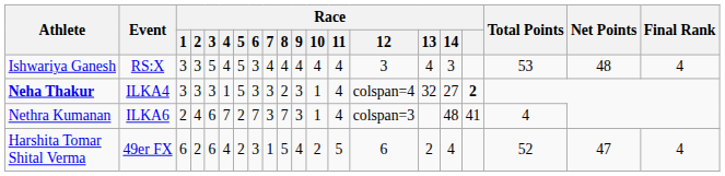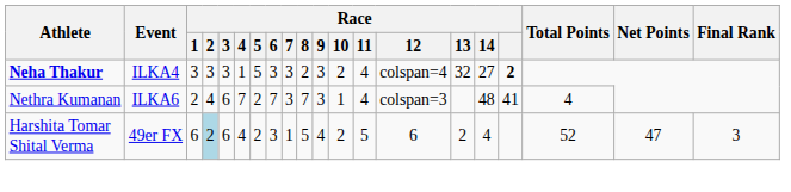 <table class="wikitable" style="text-align:center; font-size:90%">
 <tr>
 <th rowspan="2">Athlete</th>
 <th rowspan="2">Event</th>
 <th colspan="15">Race</th>
 <th rowspan="2">Total Points</th>
 <th rowspan="2">Net Points</th>
 <th rowspan="2">Final Rank</th>
 </tr>
 <tr>
 <th>1</th>
 <th>2</th>
 <th>3</th>
 <th>4</th>
 <th>5</th>
 <th>6</th>
 <th>7</th>
 <th>8</th>
 <th>9</th>
 <th>10</th>
 <th>11</th>
 <th>12</th>
 <th>13</th>
 <th>14</th>
 <th></th>
 </tr>
 <tr>
-<td style="text-align:left"><a href='#'>Ishwariya Ganesh</a></td>
-<td><a href='#'>RS:X</a></td>
-<td>3</td>
-<td>3</td>
-<td>5 <br></td>
-<td>4</td>
-<td>5 <br></td>
-<td>3</td>
-<td>4</td>
-<td>4</td>
-<td>4</td>
-<td>4</td>
-<td>4</td>
-<td>3</td>
-<td>4</td>
-<td>3</td>
-<td></td>
-<td>53</td>
-<td>48</td>
-<td>4</td>
-</tr>
-<tr>
 <td style="text-align:left"><strong><a href='#'>Neha Thakur</a></strong></td>
 <td><a href='#'>ILKA4</a></td>
 <td>3</td>
 <td>3</td>
 <td>3</td>
 <td>1</td>
 <td>5</td>
 <td>3</td>
 <td>3</td>
 <td>2</td>
 <td>3</td>
-<td>1</td>
+<td>2</td>
 <td>4</td>
 <td>colspan=4 </td>
 <td>32</td>
 <td>27</td>
 <td><strong>2</strong></td>
 </tr>
 <tr>
 <td style="text-align:left"><a href='#'>Nethra Kumanan</a></td>
 <td><a href='#'>ILKA6</a></td>
 <td>2</td>
 <td>4</td>
 <td>6</td>
 <td>7</td>
 <td>2</td>
 <td>7</td>
 <td>3</td>
 <td>7</td>
 <td>3</td>
 <td>1</td>
 <td>4</td>
 <td>colspan=3 </td>
 <td></td>
 <td>48</td>
 <td>41</td>
 <td>4</td>
 </tr>
 <tr>
 <td style="text-align:left"><a href='#'>Harshita Tomar</a><br><a href='#'>Shital Verma</a></td>
 <td><a href='#'>49er FX</a></td>
 <td>6</td>
-<td>2</td>
+<td style="background: lightblue;">2</td>
 <td>6</td>
 <td>4</td>
 <td>2</td>
 <td>3</td>
 <td>1</td>
 <td>5</td>
 <td>4</td>
 <td>2</td>
 <td>5</td>
 <td>6</td>
 <td>2</td>
 <td>4</td>
 <td></td>
 <td>52</td>
 <td>47</td>
-<td>4</td>
+<td>3</td>
 </tr>
 </table>
